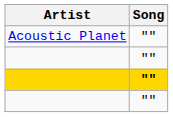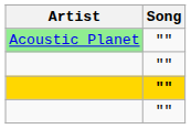 <table class="sortable wikitable" style="margin: 1em auto 1em auto; text-align:center">
 <tr>
 </tr>
 <tr>
 <th>Artist</th>
 <th>Song</th>
 </tr>
 <tr>
-<td><a href='#'>Acoustic Planet</a></td>
+<td style="background: lightgreen;"><a href='#'>Acoustic Planet</a></td>
 <td>""</td>
 </tr>
 <tr>
 <td></td>
 <td>""</td>
 </tr>
 <tr style="font-weight:bold;background:gold;">
 <td></td>
 <td>""</td>
 </tr>
 <tr>
 <td></td>
 <td>""</td>
 </tr>
 </table>
